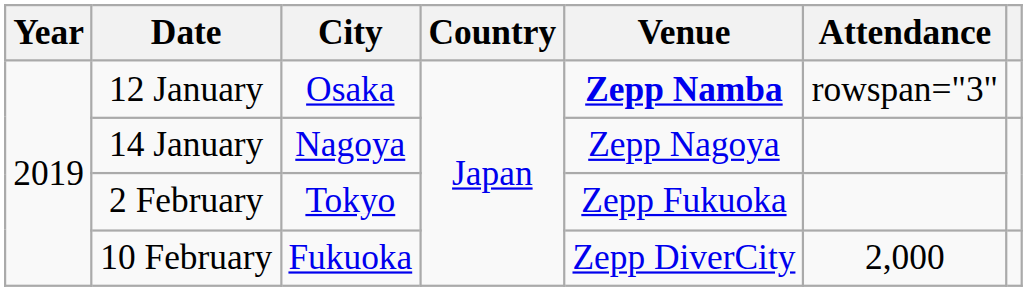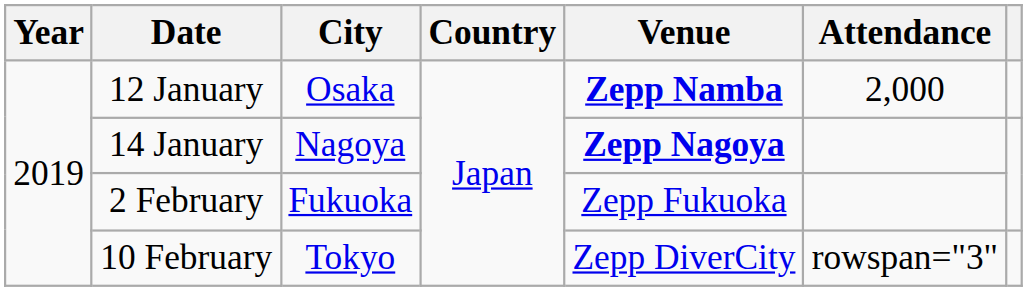 <table class="wikitable" style="text-align:center;">
 <tr>
 <th>Year</th>
 <th>Date</th>
 <th>City</th>
 <th>Country</th>
 <th>Venue</th>
 <th>Attendance</th>
 <th></th>
 </tr>
 <tr>
 <td rowspan="4">2019</td>
 <td>12 January</td>
 <td><a href='#'>Osaka</a></td>
 <td rowspan="4"><a href='#'>Japan</a></td>
 <td><strong><a href='#'>Zepp Namba</a></strong></td>
-<td>rowspan="3" </td>
+<td>2,000</td>
 <td></td>
 </tr>
 <tr>
 <td>14 January</td>
 <td><a href='#'>Nagoya</a></td>
-<td><a href='#'>Zepp Nagoya</a></td>
+<td><strong><a href='#'>Zepp Nagoya</a></strong></td>
 <td></td>
 </tr>
 <tr>
 <td>2 February</td>
-<td><a href='#'>Tokyo</a></td>
+<td><a href='#'>Fukuoka</a></td>
 <td><a href='#'>Zepp Fukuoka</a></td>
 <td></td>
 </tr>
 <tr>
 <td>10 February</td>
-<td><a href='#'>Fukuoka</a></td>
+<td><a href='#'>Tokyo</a></td>
 <td><a href='#'>Zepp DiverCity</a></td>
-<td>2,000</td>
+<td>rowspan="3" </td>
 <td></td>
 </tr>
 </table>
